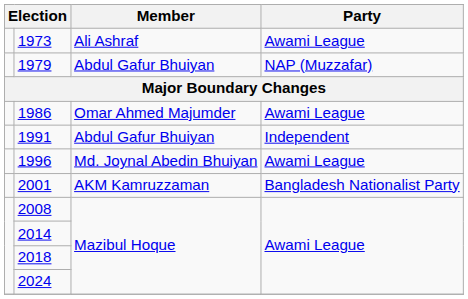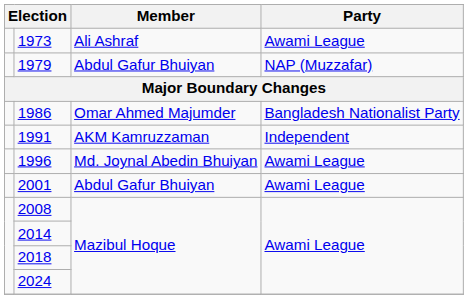 <table class="wikitable">
 <tr>
 <th colspan="2">Election</th>
 <th>Member</th>
 <th>Party</th>
 </tr>
 <tr>
 <td style="background-color:"></td>
 <td><a href='#'>1973</a></td>
 <td><a href='#'>Ali Ashraf</a></td>
 <td><a href='#'>Awami League</a></td>
 </tr>
 <tr>
 <td style="background-color:"></td>
 <td><a href='#'>1979</a></td>
 <td><a href='#'>Abdul Gafur Bhuiyan</a></td>
 <td><a href='#'>NAP (Muzzafar)</a></td>
 </tr>
 <tr>
 <th colspan="4">Major Boundary Changes</th>
 </tr>
 <tr>
 <td style="background-color:"></td>
 <td><a href='#'>1986</a></td>
 <td><a href='#'>Omar Ahmed Majumder</a></td>
-<td><a href='#'>Awami League</a></td>
+<td><a href='#'>Bangladesh Nationalist Party</a></td>
 </tr>
 <tr>
 <td style="background-color:"></td>
 <td><a href='#'>1991</a></td>
-<td><a href='#'>Abdul Gafur Bhuiyan</a></td>
+<td><a href='#'>AKM Kamruzzaman</a></td>
 <td><a href='#'>Independent</a></td>
 </tr>
 <tr>
 <td style="background-color:"></td>
 <td><a href='#'>1996</a></td>
 <td><a href='#'>Md. Joynal Abedin Bhuiyan</a></td>
 <td><a href='#'>Awami League</a></td>
 </tr>
 <tr>
 <td style="background-color:"></td>
 <td><a href='#'>2001</a></td>
-<td><a href='#'>AKM Kamruzzaman</a></td>
-<td><a href='#'>Bangladesh Nationalist Party</a></td>
+<td><a href='#'>Abdul Gafur Bhuiyan</a></td>
+<td><a href='#'>Awami League</a></td>
 </tr>
 <tr>
 <td rowspan="4" style="background-color:"></td>
 <td><a href='#'>2008</a></td>
 <td rowspan="4"><a href='#'>Mazibul Hoque</a></td>
 <td rowspan="4"><a href='#'>Awami League</a></td>
 </tr>
 <tr>
 <td><a href='#'>2014</a></td>
 </tr>
 <tr>
 <td><a href='#'>2018</a></td>
 </tr>
 <tr>
 <td><a href='#'>2024</a></td>
 </tr>
 <tr>
 </tr>
 </table>
